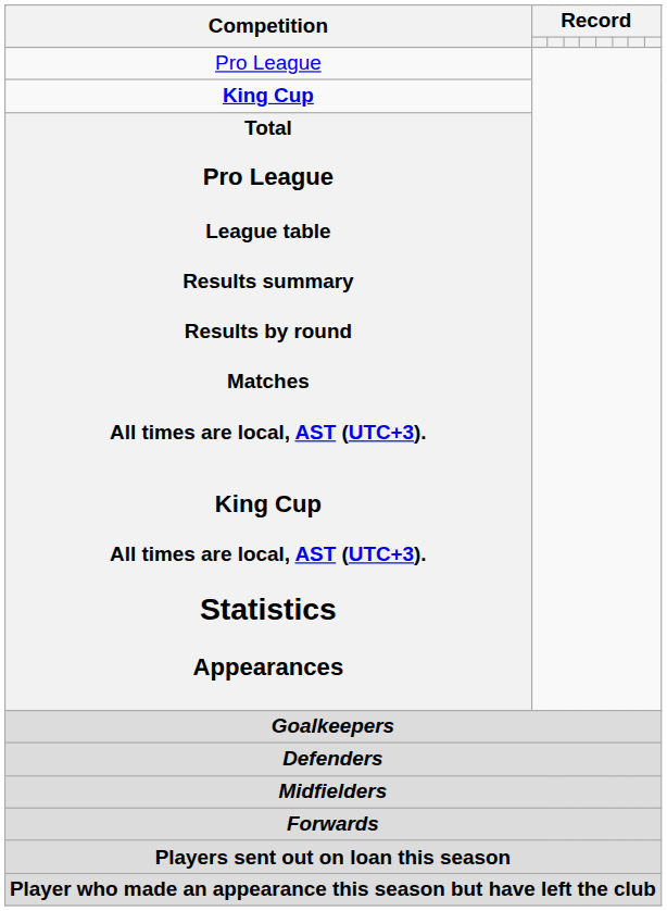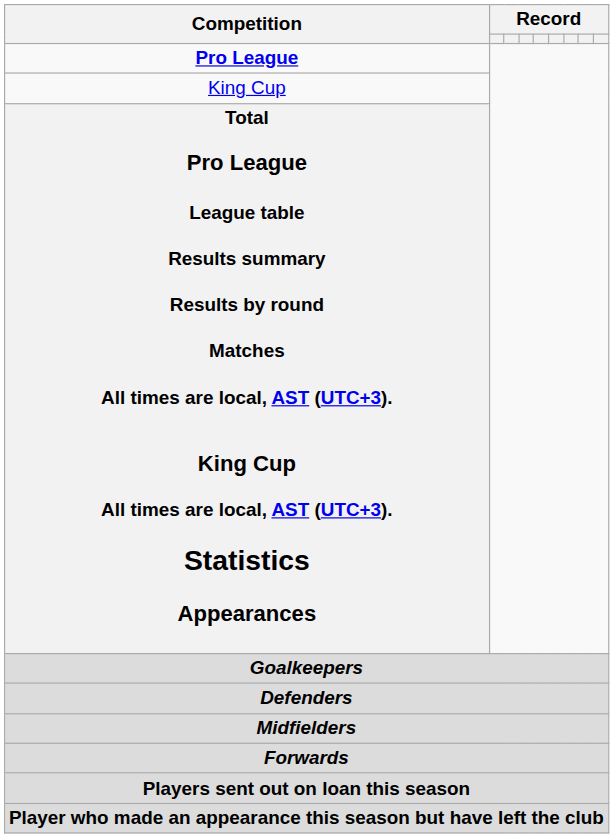 <table class="wikitable" style="text-align: center">
 <tr>
 <th rowspan=2>Competition</th>
 <th colspan=8>Record</th>
 </tr>
 <tr>
 <th></th>
 <th></th>
 <th></th>
 <th></th>
 <th></th>
 <th></th>
 <th></th>
 <th></th>
 </tr>
 <tr>
-<td><a href='#'>Pro League</a><br></td>
+<td><strong><a href='#'>Pro League</a><br></strong></td>
 </tr>
 <tr>
-<td><strong><a href='#'>King Cup</a><br></strong></td>
+<td><a href='#'>King Cup</a><br></td>
 </tr>
 <tr>
 <th>Total<br> <h3>Pro League</h3><h4>League table</h4><h4>Results summary</h4> <h4>Results by round</h4><h4>Matches</h4>All times are local, <a href='#'>AST</a> (<a href='#'>UTC+3</a>).<br>   <br>                             <h3>King Cup</h3> All times are local, <a href='#'>AST</a> (<a href='#'>UTC+3</a>).<br><h2>Statistics</h2><h3>Appearances</h3></th>
 </tr>
 <tr>
 <th colspan=10 style=background:#dcdcdc; text-align:center><em>Goalkeepers</em><br>   </th>
 </tr>
 <tr>
 <th colspan=10 style=background:#dcdcdc; text-align:center><em>Defenders</em><br>        </th>
 </tr>
 <tr>
 <th colspan=10 style=background:#dcdcdc; text-align:center><em>Midfielders</em><br>            </th>
 </tr>
 <tr>
 <th colspan=10 style=background:#dcdcdc; text-align:center><em>Forwards</em><br>  </th>
 </tr>
 <tr>
 <th colspan=10 style=background:#dcdcdc; text-align:center>Players sent out on loan this season<br> </th>
 </tr>
 <tr>
 <th colspan=18 style=background:#dcdcdc; text-align:center>Player who made an appearance this season but have left the club<br></th>
 </tr>
 </table>
